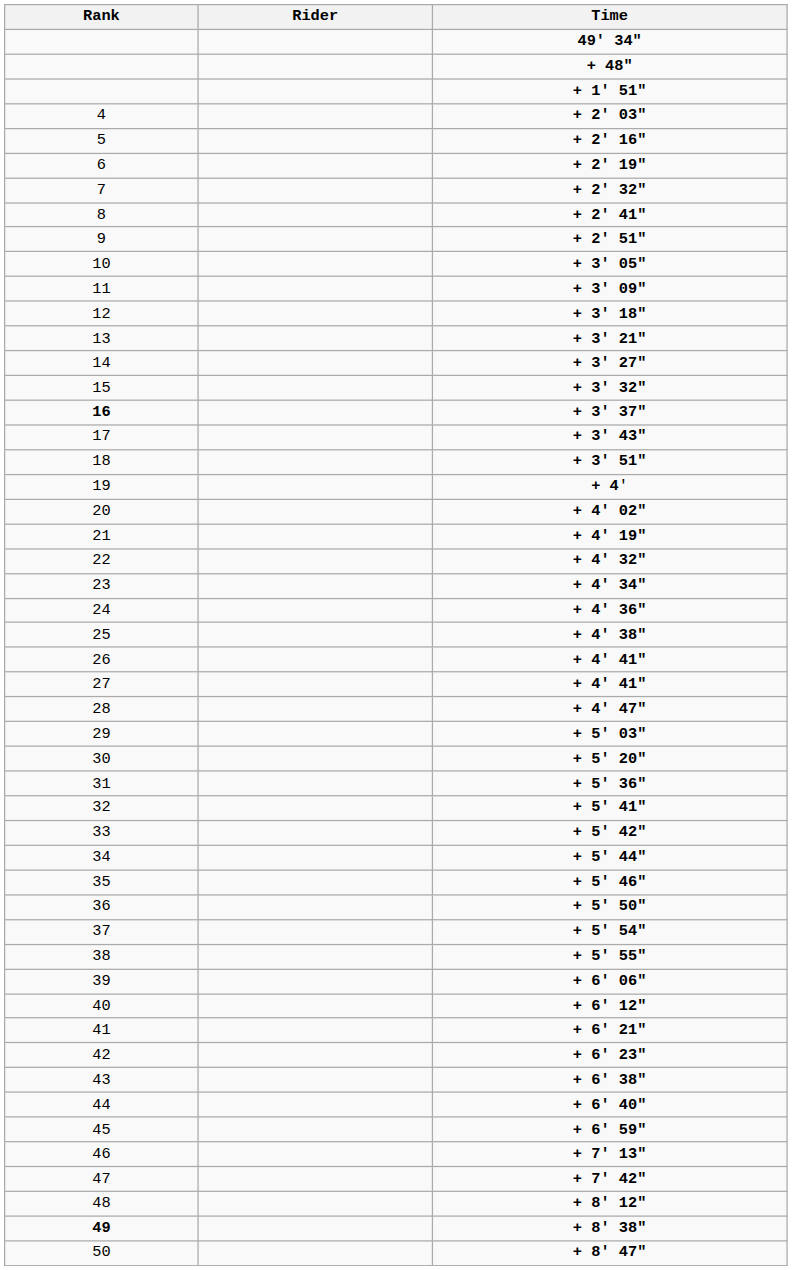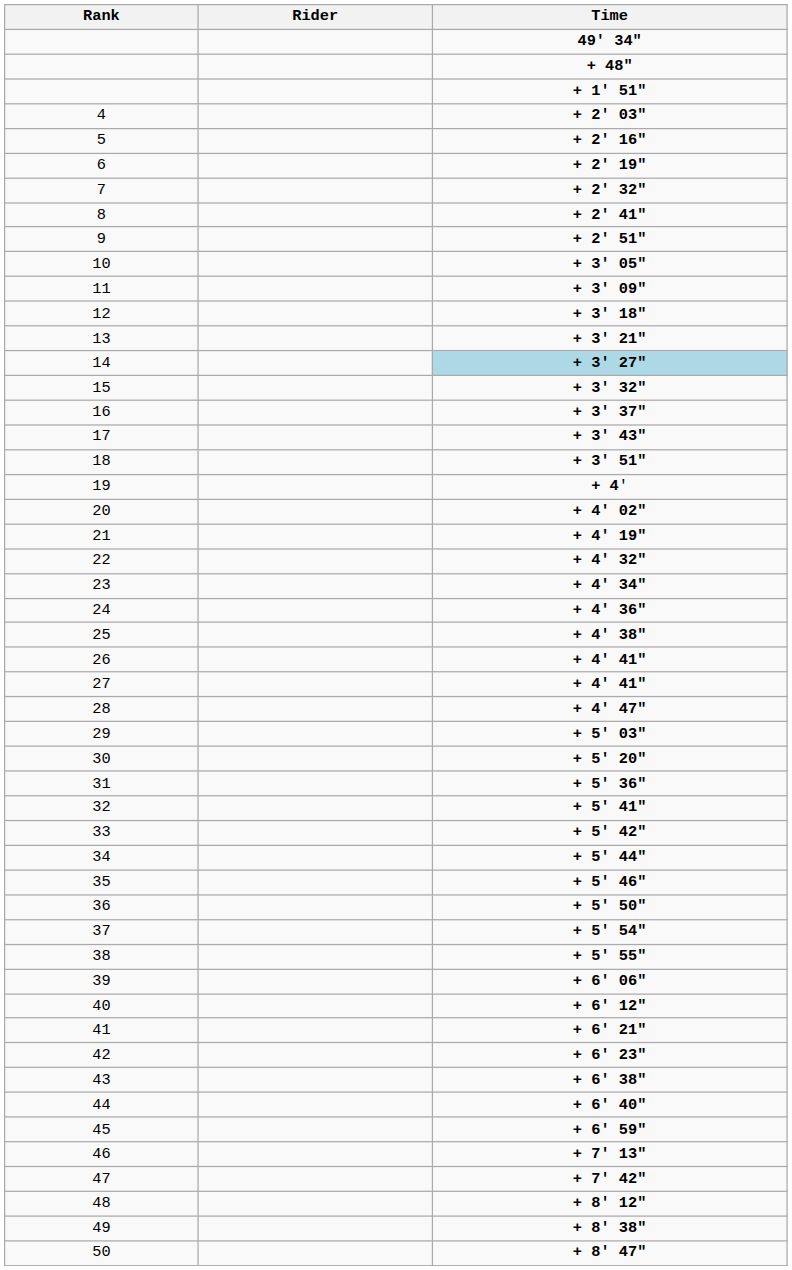 <table class=wikitable style="font-size:95%" width="50%">
 <tr>
 <th>Rank</th>
 <th>Rider</th>
 <th>Time</th>
 </tr>
 <tr>
 <td align="center"></td>
 <td></td>
 <td align="center"><strong>49' 34"</strong></td>
 </tr>
 <tr>
 <td align="center"></td>
 <td></td>
 <td align="center"><strong>+ 48"</strong></td>
 </tr>
 <tr>
 <td align="center"></td>
 <td></td>
 <td align="center"><strong>+ 1' 51"</strong></td>
 </tr>
 <tr>
 <td align="center">4</td>
 <td></td>
 <td align="center"><strong>+ 2' 03"</strong></td>
 </tr>
 <tr>
 <td align="center">5</td>
 <td></td>
 <td align="center"><strong>+ 2' 16"</strong></td>
 </tr>
 <tr>
 <td align="center">6</td>
 <td></td>
 <td align="center"><strong>+ 2' 19"</strong></td>
 </tr>
 <tr>
 <td align="center">7</td>
 <td></td>
 <td align="center"><strong>+ 2' 32"</strong></td>
 </tr>
 <tr>
 <td align="center">8</td>
 <td></td>
 <td align="center"><strong>+ 2' 41"</strong></td>
 </tr>
 <tr>
 <td align="center">9</td>
 <td></td>
 <td align="center"><strong>+ 2' 51"</strong></td>
 </tr>
 <tr>
 <td align="center">10</td>
 <td></td>
 <td align="center"><strong>+ 3' 05"</strong></td>
 </tr>
 <tr>
 <td align="center">11</td>
 <td></td>
 <td align="center"><strong>+ 3' 09"</strong></td>
 </tr>
 <tr>
 <td align="center">12</td>
 <td></td>
 <td align="center"><strong>+ 3' 18"</strong></td>
 </tr>
 <tr>
 <td align="center">13</td>
 <td></td>
 <td align="center"><strong>+ 3' 21"</strong></td>
 </tr>
 <tr>
 <td align="center">14</td>
 <td></td>
-<td align="center"><strong>+ 3' 27"</strong></td>
+<td align="center" style="background: lightblue;"><strong>+ 3' 27"</strong></td>
 </tr>
 <tr>
 <td align="center">15</td>
 <td></td>
 <td align="center"><strong>+ 3' 32"</strong></td>
 </tr>
 <tr>
-<td align="center"><strong>16</strong></td>
+<td align="center">16</td>
 <td></td>
 <td align="center"><strong>+ 3' 37"</strong></td>
 </tr>
 <tr>
 <td align="center">17</td>
 <td></td>
 <td align="center"><strong>+ 3' 43"</strong></td>
 </tr>
 <tr>
 <td align="center">18</td>
 <td></td>
 <td align="center"><strong>+ 3' 51"</strong></td>
 </tr>
 <tr>
 <td align="center">19</td>
 <td></td>
 <td align="center"><strong>+ 4</strong>'</td>
 </tr>
 <tr>
 <td align="center">20</td>
 <td></td>
 <td align="center"><strong>+ 4' 02"</strong></td>
 </tr>
 <tr>
 <td align="center">21</td>
 <td></td>
 <td align="center"><strong>+ 4' 19"</strong></td>
 </tr>
 <tr>
 <td align="center">22</td>
 <td></td>
 <td align="center"><strong>+ 4' 32"</strong></td>
 </tr>
 <tr>
 <td align="center">23</td>
 <td></td>
 <td align="center"><strong>+ 4' 34"</strong></td>
 </tr>
 <tr>
 <td align="center">24</td>
 <td></td>
 <td align="center"><strong>+ 4' 36"</strong></td>
 </tr>
 <tr>
 <td align="center">25</td>
 <td></td>
 <td align="center"><strong>+ 4' 38"</strong></td>
 </tr>
 <tr>
 <td align="center">26</td>
 <td></td>
 <td align="center"><strong>+ 4' 41"</strong></td>
 </tr>
 <tr>
 <td align="center">27</td>
 <td></td>
 <td align="center"><strong>+ 4' 41"</strong></td>
 </tr>
 <tr>
 <td align="center">28</td>
 <td></td>
 <td align="center"><strong>+ 4' 47"</strong></td>
 </tr>
 <tr>
 <td align="center">29</td>
 <td></td>
 <td align="center"><strong>+ 5' 03"</strong></td>
 </tr>
 <tr>
 <td align="center">30</td>
 <td></td>
 <td align="center"><strong>+ 5' 20"</strong></td>
 </tr>
 <tr>
 <td align="center">31</td>
 <td></td>
 <td align="center"><strong>+ 5' 36"</strong></td>
 </tr>
 <tr>
 <td align="center">32</td>
 <td></td>
 <td align="center"><strong>+ 5' 41"</strong></td>
 </tr>
 <tr>
 <td align="center">33</td>
 <td></td>
 <td align="center"><strong>+ 5' 42"</strong></td>
 </tr>
 <tr>
 <td align="center">34</td>
 <td></td>
 <td align="center"><strong>+ 5' 44"</strong></td>
 </tr>
 <tr>
 <td align="center">35</td>
 <td></td>
 <td align="center"><strong>+ 5' 46"</strong></td>
 </tr>
 <tr>
 <td align="center">36</td>
 <td></td>
 <td align="center"><strong>+ 5' 50"</strong></td>
 </tr>
 <tr>
 <td align="center">37</td>
 <td></td>
 <td align="center"><strong>+ 5' 54"</strong></td>
 </tr>
 <tr>
 <td align="center">38</td>
 <td></td>
 <td align="center"><strong>+ 5' 55"</strong></td>
 </tr>
 <tr>
 <td align="center">39</td>
 <td></td>
 <td align="center"><strong>+ 6' 06"</strong></td>
 </tr>
 <tr>
 <td align="center">40</td>
 <td></td>
 <td align="center"><strong>+ 6' 12"</strong></td>
 </tr>
 <tr>
 <td align="center">41</td>
 <td></td>
 <td align="center"><strong>+ 6' 21"</strong></td>
 </tr>
 <tr>
 <td align="center">42</td>
 <td></td>
 <td align="center"><strong>+ 6' 23"</strong></td>
 </tr>
 <tr>
 <td align="center">43</td>
 <td></td>
 <td align="center"><strong>+ 6' 38"</strong></td>
 </tr>
 <tr>
 <td align="center">44</td>
 <td></td>
 <td align="center"><strong>+ 6' 40"</strong></td>
 </tr>
 <tr>
 <td align="center">45</td>
 <td></td>
 <td align="center"><strong>+ 6' 59"</strong></td>
 </tr>
 <tr>
 <td align="center">46</td>
 <td></td>
 <td align="center"><strong>+ 7' 13"</strong></td>
 </tr>
 <tr>
 <td align="center">47</td>
 <td></td>
 <td align="center"><strong>+ 7' 42"</strong></td>
 </tr>
 <tr>
 <td align="center">48</td>
 <td></td>
 <td align="center"><strong>+ 8' 12"</strong></td>
 </tr>
 <tr>
-<td align="center"><strong>49</strong></td>
+<td align="center">49</td>
 <td></td>
 <td align="center"><strong>+ 8' 38"</strong></td>
 </tr>
 <tr>
 <td align="center">50</td>
 <td></td>
 <td align="center"><strong>+ 8' 47"</strong></td>
 </tr>
 </table>
